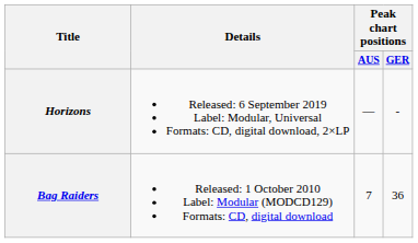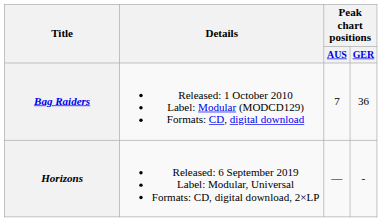 <table class="wikitable plainrowheaders" style="text-align:center;">
 <tr>
 <th scope="col" rowspan="2" style="width:10em;">Title</th>
 <th scope="col" rowspan="2" style="width:18em;">Details</th>
 <th scope="col" colspan="2">Peak chart positions</th>
 </tr>
 <tr>
 <th scope="col" style="width:2.2em;font-size:90%;"><a href='#'>AUS</a><br></th>
 <th scope="col" style="width:2.2em;font-size:90%;"><a href='#'>GER</a><br></th>
 </tr>
 <tr>
+<th scope="row"><em><a href='#'>Bag Raiders</a></em></th>
+<td><br><ul><li>Released: 1 October 2010 </li><li>Label: <a href='#'>Modular</a> (MODCD129)</li><li>Formats: <a href='#'>CD</a>, <a href='#'>digital download</a></li></ul></td>
+<td>7</td>
+<td>36</td>
+</tr>
+<tr>
 <th scope="row"><em>Horizons</em></th>
 <td><br><ul><li>Released: 6 September 2019</li><li>Label: Modular, Universal</li><li>Formats: CD, digital download, 2×LP</li></ul></td>
 <td>—</td>
 <td>-</td>
 </tr>
-<tr>
-<th scope="row"><em><a href='#'>Bag Raiders</a></em></th>
-<td><br><ul><li>Released: 1 October 2010 </li><li>Label: <a href='#'>Modular</a> (MODCD129)</li><li>Formats: <a href='#'>CD</a>, <a href='#'>digital download</a></li></ul></td>
-<td>7</td>
-<td>36</td>
-</tr>
 </table>
